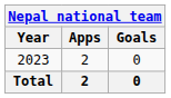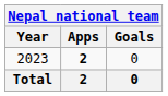 <table class=wikitable style=text-align:center>
 <tr>
 <th colspan=3><a href='#'>Nepal national team</a></th>
 </tr>
 <tr>
 <th>Year</th>
 <th>Apps</th>
 <th>Goals</th>
 </tr>
 <tr>
 <td>2023</td>
-<td>2</td>
+<td><strong>2</strong></td>
 <td>0</td>
 </tr>
 <tr>
 <th colspan=1>Total</th>
 <th>2</th>
 <th>0</th>
 </tr>
 </table>
